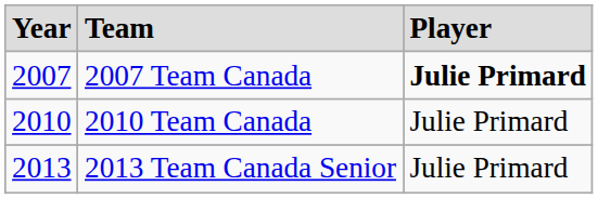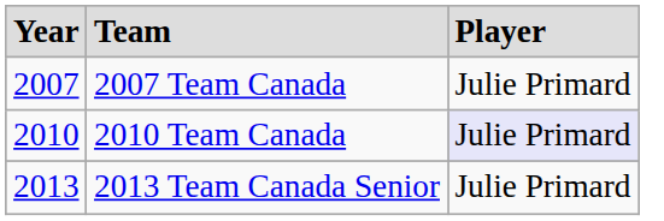 <table class="wikitable">
 <tr style="font-weight:bold; background-color:#dddddd;" |>
 <td align="left">Year</td>
 <td>Team</td>
 <td>Player</td>
 </tr>
 <tr>
 <td><a href='#'>2007</a></td>
 <td> <a href='#'>2007 Team Canada</a></td>
-<td><strong>Julie Primard</strong></td>
+<td>Julie Primard</td>
 </tr>
 <tr>
 <td><a href='#'>2010</a></td>
 <td> <a href='#'>2010 Team Canada</a></td>
-<td>Julie Primard</td>
+<td style="background: lavender;">Julie Primard</td>
 </tr>
 <tr>
 <td><a href='#'>2013</a></td>
 <td> <a href='#'>2013 Team Canada Senior</a></td>
 <td>Julie Primard</td>
 </tr>
 </table>
